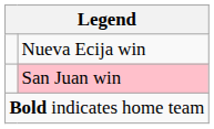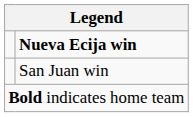 <table class="wikitable">
 <tr>
 <th colspan="4">Legend</th>
 </tr>
 <tr>
 <td></td>
-<td>Nueva Ecija win</td>
+<td><strong>Nueva Ecija win</strong></td>
 </tr>
 <tr>
 <td></td>
-<td style="background: pink;">San Juan win</td>
+<td>San Juan win</td>
 </tr>
 <tr>
 <td colspan="2"><strong>Bold</strong> indicates home team</td>
 </tr>
 </table>
